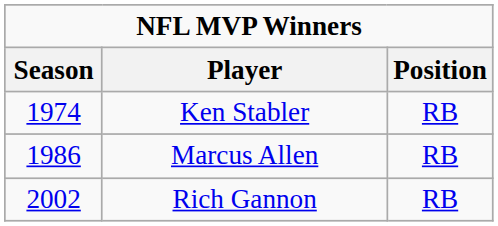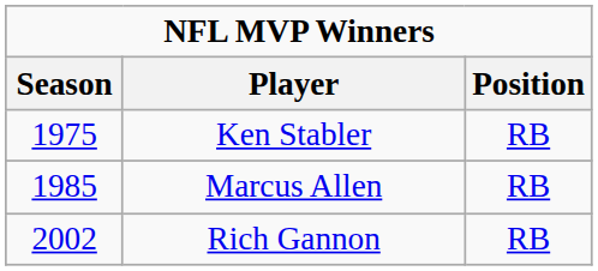 <table class="wikitable sortable" style="text-align:center">
 <tr>
 <td colspan="3"><strong>NFL MVP Winners</strong></td>
 </tr>
 <tr>
 <th style="width:50px; ">Season</th>
 <th style="width:160px; ">Player</th>
 <th style="width:50px; ">Position</th>
 </tr>
 <tr>
-<td><a href='#'>1974</a></td>
+<td><a href='#'>1975</a></td>
 <td><a href='#'>Ken Stabler</a></td>
 <td><a href='#'>RB</a></td>
 </tr>
 <tr>
-<td><a href='#'>1986</a></td>
+<td><a href='#'>1985</a></td>
 <td><a href='#'>Marcus Allen</a></td>
 <td><a href='#'>RB</a></td>
 </tr>
 <tr>
 <td><a href='#'>2002</a></td>
 <td><a href='#'>Rich Gannon</a></td>
 <td><a href='#'>RB</a></td>
 </tr>
 </table>
